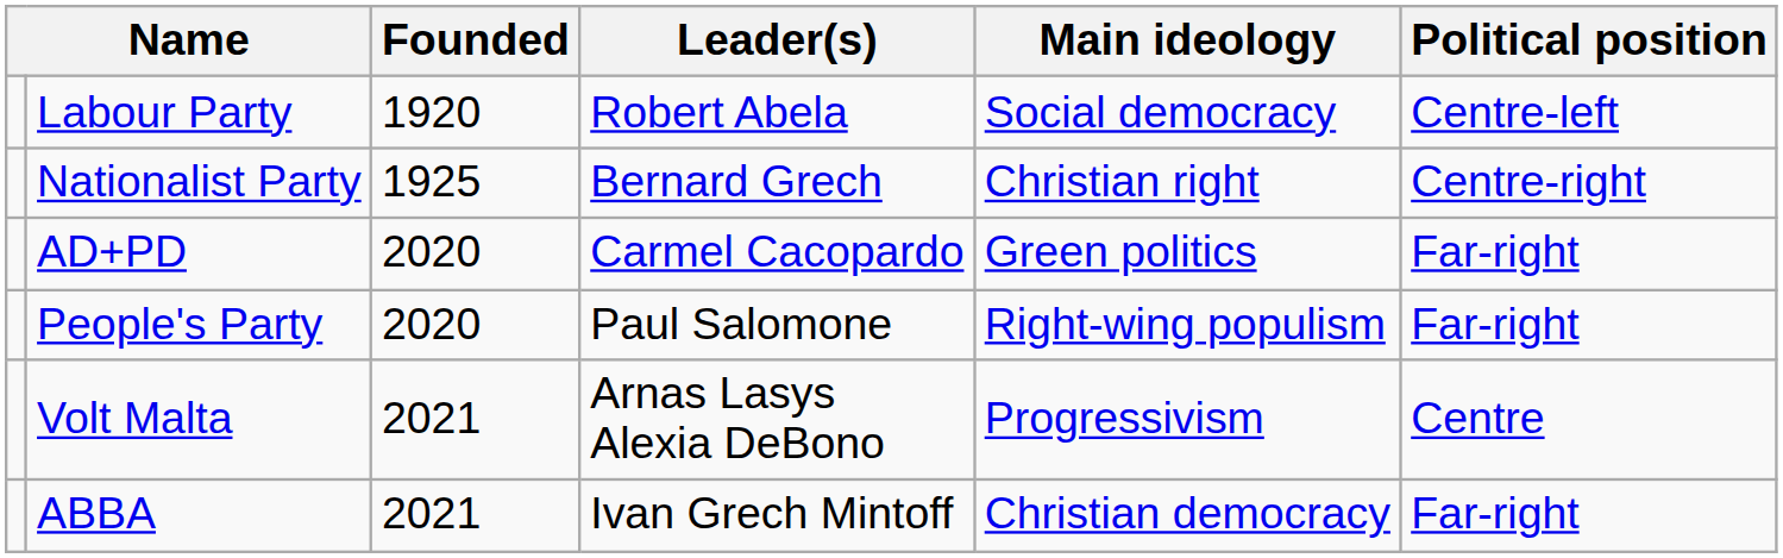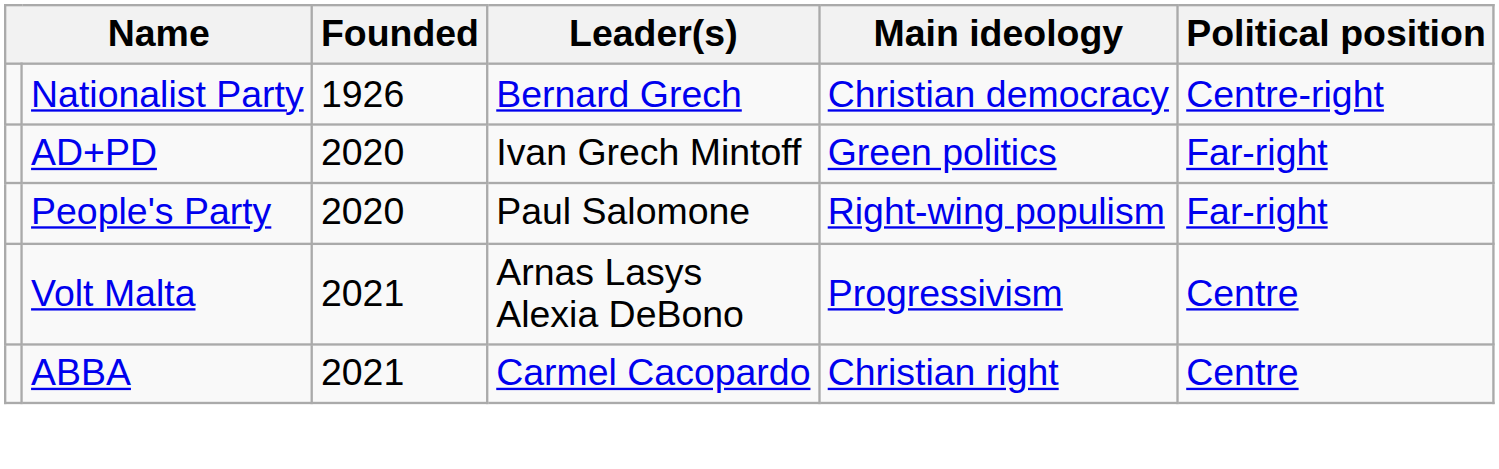 <table class="wikitable" style="text-align:left">
 <tr>
 <th colspan="2">Name</th>
 <th>Founded</th>
 <th>Leader(s)</th>
 <th>Main ideology</th>
 <th>Political position</th>
 </tr>
 <tr>
 <td style="background:"></td>
-<td><a href='#'>Labour Party</a></td>
-<td>1920</td>
-<td><a href='#'>Robert Abela</a></td>
-<td><a href='#'>Social democracy</a></td>
-<td><a href='#'>Centre-left</a></td>
-</tr>
-<tr>
-<td style="background:"></td>
 <td><a href='#'>Nationalist Party</a></td>
-<td>1925</td>
+<td>1926</td>
 <td><a href='#'>Bernard Grech</a></td>
-<td><a href='#'>Christian right</a></td>
+<td><a href='#'>Christian democracy</a></td>
 <td><a href='#'>Centre-right</a></td>
 </tr>
 <tr>
 <td style="background:"></td>
 <td><a href='#'>AD+PD</a></td>
 <td>2020</td>
-<td><a href='#'>Carmel Cacopardo</a></td>
+<td>Ivan Grech Mintoff</td>
 <td><a href='#'>Green politics</a></td>
 <td><a href='#'>Far-right</a></td>
 </tr>
 <tr>
 <td style="background:"></td>
 <td><a href='#'>People's Party</a></td>
 <td>2020</td>
 <td>Paul Salomone</td>
 <td><a href='#'>Right-wing populism</a></td>
 <td><a href='#'>Far-right</a></td>
 </tr>
 <tr>
 <td style="background:"></td>
 <td><a href='#'>Volt Malta</a></td>
 <td>2021</td>
 <td>Arnas Lasys<br>Alexia DeBono</td>
 <td><a href='#'>Progressivism</a></td>
 <td><a href='#'>Centre</a></td>
 </tr>
 <tr>
 <td style="background-color:"></td>
 <td><a href='#'>ABBA</a></td>
 <td>2021</td>
-<td>Ivan Grech Mintoff</td>
-<td><a href='#'>Christian democracy</a></td>
-<td><a href='#'>Far-right</a></td>
+<td><a href='#'>Carmel Cacopardo</a></td>
+<td><a href='#'>Christian right</a></td>
+<td><a href='#'>Centre</a></td>
 </tr>
 </table>
